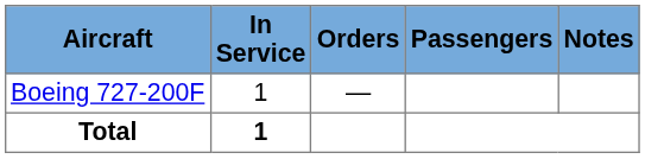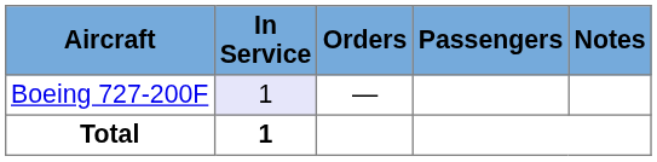 <table class="toccolours" border="1" cellpadding="3" style="border-collapse:collapse; margin:1em auto;">
 <tr bgcolor=#75aadb>
 <th>Aircraft</th>
 <th>In<br>Service</th>
 <th>Orders</th>
 <th>Passengers</th>
 <th>Notes</th>
 </tr>
 <tr>
 <td><a href='#'>Boeing 727-200F</a></td>
-<td align="center">1</td>
+<td align="center" style="background: lavender;">1</td>
 <td align="center">—</td>
 <td align="center"></td>
 <td></td>
 </tr>
 <tr>
 <th>Total</th>
 <th>1</th>
 <th></th>
 <th colspan="2"></th>
 </tr>
 </table>
